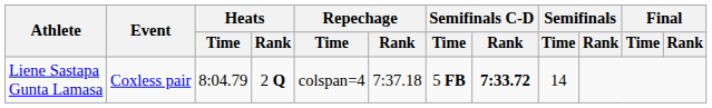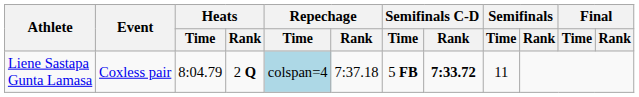 <table class="wikitable" style="font-size:90%">
 <tr>
 <th rowspan="2">Athlete</th>
 <th rowspan="2">Event</th>
 <th colspan="2">Heats</th>
 <th colspan="2">Repechage</th>
 <th colspan="2">Semifinals C-D</th>
 <th colspan="2">Semifinals</th>
 <th colspan="2">Final</th>
 </tr>
 <tr style="font-size:95%">
 <th>Time</th>
 <th>Rank</th>
 <th>Time</th>
 <th>Rank</th>
 <th>Time</th>
 <th>Rank</th>
 <th>Time</th>
 <th>Rank</th>
 <th>Time</th>
 <th>Rank</th>
 </tr>
 <tr align=center>
 <td align=left><a href='#'>Liene Sastapa</a><br><a href='#'>Gunta Lamasa</a></td>
 <td align=left><a href='#'>Coxless pair</a></td>
 <td>8:04.79</td>
 <td>2 <strong>Q</strong></td>
-<td>colspan=4 </td>
+<td style="background: lightblue;">colspan=4 </td>
 <td>7:37.18</td>
 <td>5 <strong>FB</strong></td>
 <td><strong>7:33.72</strong></td>
-<td>14</td>
+<td>11</td>
 </tr>
 </table>
